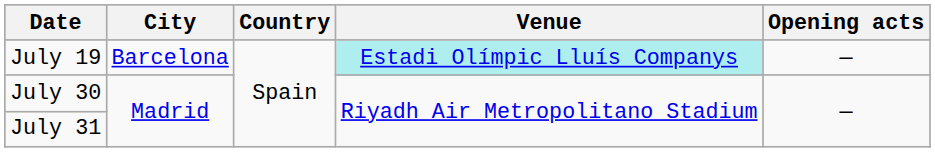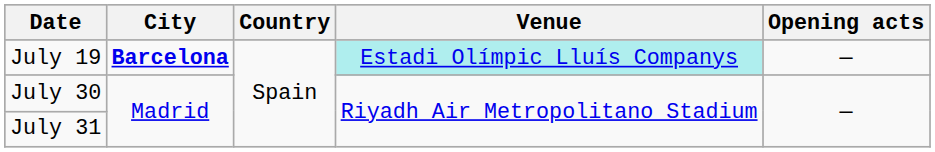 <table class="wikitable plainrowheaders" style="text-align:center;">
 <tr>
 <th>Date</th>
 <th>City</th>
 <th>Country</th>
 <th>Venue</th>
 <th>Opening acts</th>
 </tr>
 <tr>
 <td>July 19</td>
-<td><a href='#'>Barcelona</a></td>
+<td><strong><a href='#'>Barcelona</a></strong></td>
 <td rowspan="3">Spain</td>
 <td style="background: paleturquoise;"><a href='#'>Estadi Olímpic Lluís Companys</a></td>
 <td>—</td>
 </tr>
 <tr>
 <td>July 30</td>
 <td rowspan="2"><a href='#'>Madrid</a></td>
 <td rowspan="2"><a href='#'>Riyadh Air Metropolitano Stadium</a></td>
 <td rowspan="2">—</td>
 </tr>
 <tr>
 <td>July 31</td>
 </tr>
 </table>
